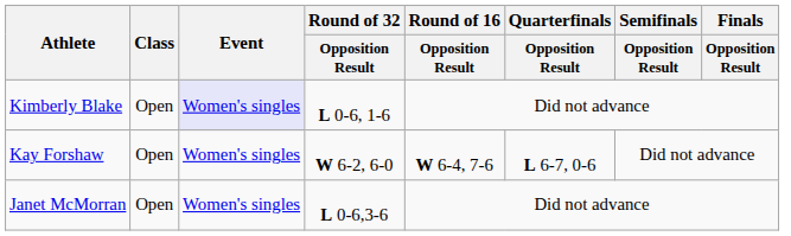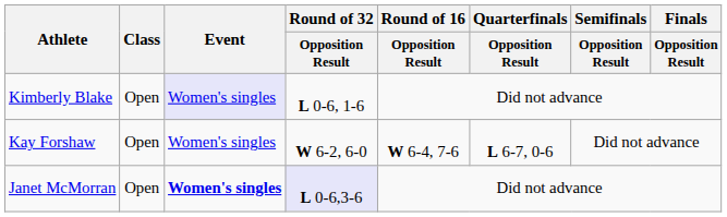 <table class=wikitable style="font-size:90%">
 <tr>
 <th rowspan="2">Athlete</th>
 <th rowspan="2">Class</th>
 <th rowspan="2">Event</th>
 <th>Round of 32</th>
 <th>Round of 16</th>
 <th>Quarterfinals</th>
 <th>Semifinals</th>
 <th>Finals</th>
 </tr>
 <tr>
 <th style="line-height:1em"><small>Opposition<br>Result</small></th>
 <th style="line-height:1em"><small>Opposition<br>Result</small></th>
 <th style="line-height:1em"><small>Opposition<br>Result</small></th>
 <th style="line-height:1em"><small>Opposition<br>Result</small></th>
 <th style="line-height:1em"><small>Opposition<br>Result</small></th>
 </tr>
 <tr>
 <td><a href='#'>Kimberly Blake</a></td>
 <td style="text-align:center;">Open</td>
 <td style="background: lavender;"><a href='#'>Women's singles</a></td>
 <td style="text-align:center;"><br><strong>L</strong> 0-6, 1-6</td>
 <td style="text-align:center;" colspan="4">Did not advance</td>
 </tr>
 <tr>
 <td><a href='#'>Kay Forshaw</a></td>
 <td style="text-align:center;">Open</td>
 <td><a href='#'>Women's singles</a></td>
 <td style="text-align:center;"><br><strong>W</strong> 6-2, 6-0</td>
 <td style="text-align:center;"><br><strong>W</strong> 6-4, 7-6</td>
 <td style="text-align:center;"><br><strong>L</strong> 6-7, 0-6</td>
 <td style="text-align:center;" colspan="2">Did not advance</td>
 </tr>
 <tr>
 <td><a href='#'>Janet McMorran</a></td>
 <td style="text-align:center;">Open</td>
-<td><a href='#'>Women's singles</a></td>
-<td style="text-align:center;"><br><strong>L</strong> 0-6,3-6</td>
+<td><strong><a href='#'>Women's singles</a></strong></td>
+<td style="background: lavender; text-align:center;"><br><strong>L</strong> 0-6,3-6</td>
 <td style="text-align:center;" colspan="4">Did not advance</td>
 </tr>
 </table>
